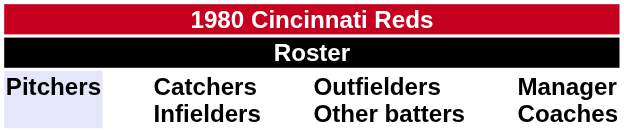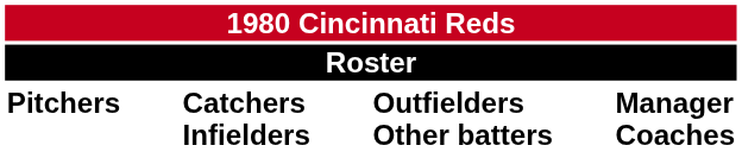 <table class="toccolours" style="font-size: 95%;">
 <tr>
 <th colspan="10" style="background-color: #c6011f; color: white; text-align: center;">1980 Cincinnati Reds</th>
 </tr>
 <tr>
 <td colspan="10" style="background-color: black; color: white; text-align: center;"><strong>Roster</strong></td>
 </tr>
 <tr>
-<td valign="top" style="background: lavender;"><strong>Pitchers</strong><br>              </td>
+<td valign="top"><strong>Pitchers</strong><br>              </td>
 <td width="25px"></td>
 <td valign="top"><strong>Catchers</strong><br>    <strong>Infielders</strong>       </td>
 <td width="25px"></td>
 <td valign="top"><strong>Outfielders</strong><br>       <strong>Other batters</strong> </td>
 <td width="25px"></td>
 <td valign="top"><strong>Manager</strong><br> <strong>Coaches</strong>    </td>
 </tr>
 </table>
